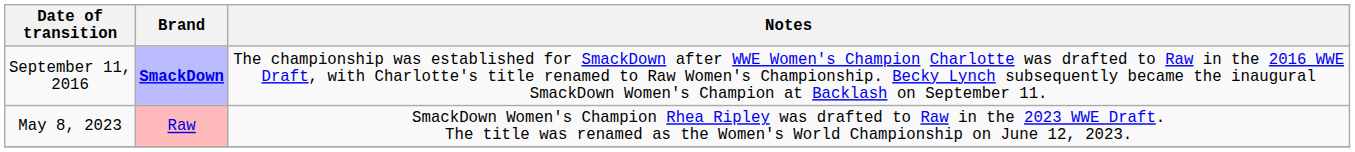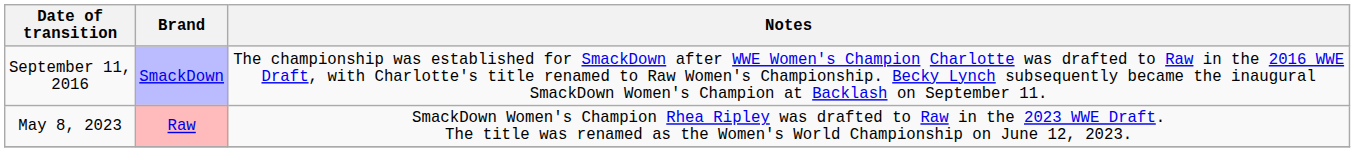 <table class="wikitable" style="font-size:85%; text-align:center; width:75%;">
 <tr>
 <th>Date of transition</th>
 <th>Brand</th>
 <th>Notes</th>
 </tr>
 <tr>
 <td>September 11, 2016</td>
-<td style="background-color:#bbf;"><strong><a href='#'>SmackDown</a></strong></td>
+<td style="background-color:#bbf;"><a href='#'>SmackDown</a></td>
 <td>The championship was established for <a href='#'>SmackDown</a> after <a href='#'>WWE Women's Champion</a> <a href='#'>Charlotte</a> was drafted to <a href='#'>Raw</a> in the <a href='#'>2016 WWE Draft</a>, with Charlotte's title renamed to Raw Women's Championship. <a href='#'>Becky Lynch</a> subsequently became the inaugural SmackDown Women's Champion at <a href='#'>Backlash</a> on September 11.</td>
 </tr>
 <tr>
 <td>May 8, 2023</td>
 <td style="background-color:#fbb;"><a href='#'>Raw</a></td>
 <td>SmackDown Women's Champion <a href='#'>Rhea Ripley</a> was drafted to <a href='#'>Raw</a> in the <a href='#'>2023 WWE Draft</a>.<br>The title was renamed as the Women's World Championship on June 12, 2023.</td>
 </tr>
 <tr>
 </tr>
 </table>
